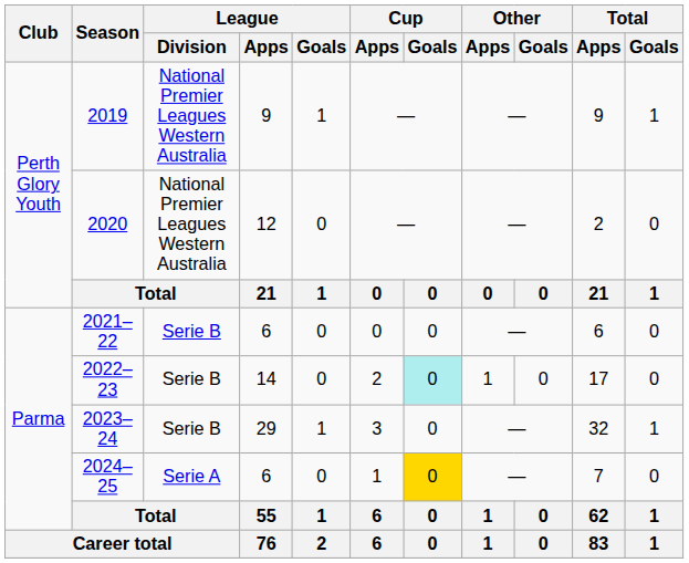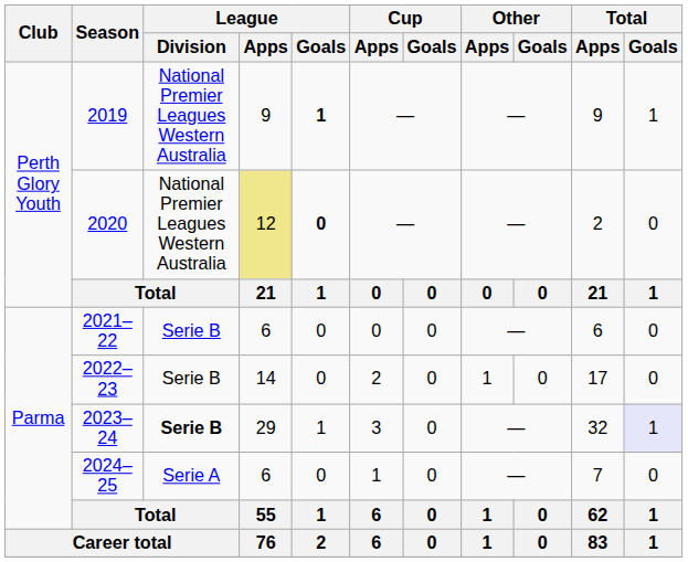 <table class="wikitable" style="text-align:center">
 <tr>
 <th rowspan="2">Club</th>
 <th rowspan="2">Season</th>
 <th colspan="3">League</th>
 <th colspan="2">Cup</th>
 <th colspan="2">Other</th>
 <th colspan="2">Total</th>
 </tr>
 <tr>
 <th>Division</th>
 <th>Apps</th>
 <th>Goals</th>
 <th>Apps</th>
 <th>Goals</th>
 <th>Apps</th>
 <th>Goals</th>
 <th>Apps</th>
 <th>Goals</th>
 </tr>
 <tr>
 <td rowspan="3"><a href='#'>Perth Glory Youth</a></td>
 <td><a href='#'>2019</a></td>
 <td><a href='#'>National Premier Leagues Western Australia</a></td>
 <td>9</td>
-<td>1</td>
+<td><strong>1</strong></td>
 <td colspan=2>—</td>
 <td colspan=2>—</td>
 <td>9</td>
 <td>1</td>
 </tr>
 <tr>
 <td><a href='#'>2020</a></td>
 <td>National Premier Leagues Western Australia</td>
-<td>12</td>
-<td>0</td>
+<td style="background: khaki;">12</td>
+<td><strong>0</strong></td>
 <td colspan=2>—</td>
 <td colspan=2>—</td>
 <td>2</td>
 <td>0</td>
 </tr>
 <tr>
 <th colspan=2>Total</th>
 <th>21</th>
 <th>1</th>
 <th>0</th>
 <th>0</th>
 <th>0</th>
 <th>0</th>
 <th>21</th>
 <th>1</th>
 </tr>
 <tr>
 <td rowspan="5"><a href='#'>Parma</a></td>
 <td><a href='#'>2021–22</a></td>
 <td><a href='#'>Serie B</a></td>
 <td>6</td>
 <td>0</td>
 <td>0</td>
 <td>0</td>
 <td colspan="2">—</td>
 <td>6</td>
 <td>0</td>
 </tr>
 <tr>
 <td><a href='#'>2022–23</a></td>
 <td>Serie B</td>
 <td>14</td>
 <td>0</td>
 <td>2</td>
-<td style="background: paleturquoise;">0</td>
+<td>0</td>
 <td>1</td>
 <td>0</td>
 <td>17</td>
 <td>0</td>
 </tr>
 <tr>
 <td><a href='#'>2023–24</a></td>
-<td>Serie B</td>
+<td><strong>Serie B</strong></td>
 <td>29</td>
 <td>1</td>
 <td>3</td>
 <td>0</td>
 <td colspan="2">—</td>
 <td>32</td>
-<td>1</td>
+<td style="background: lavender;">1</td>
 </tr>
 <tr>
 <td><a href='#'>2024–25</a></td>
 <td><a href='#'>Serie A</a></td>
 <td>6</td>
 <td>0</td>
 <td>1</td>
-<td style="background: gold;">0</td>
+<td>0</td>
 <td colspan="2">—</td>
 <td>7</td>
 <td>0</td>
 </tr>
 <tr>
 <th colspan="2">Total</th>
 <th>55</th>
 <th>1</th>
 <th>6</th>
 <th>0</th>
 <th>1</th>
 <th>0</th>
 <th>62</th>
 <th>1</th>
 </tr>
 <tr>
 <th colspan="3">Career total</th>
 <th>76</th>
 <th>2</th>
 <th>6</th>
 <th>0</th>
 <th>1</th>
 <th>0</th>
 <th>83</th>
 <th>1</th>
 </tr>
 <tr>
 </tr>
 </table>
